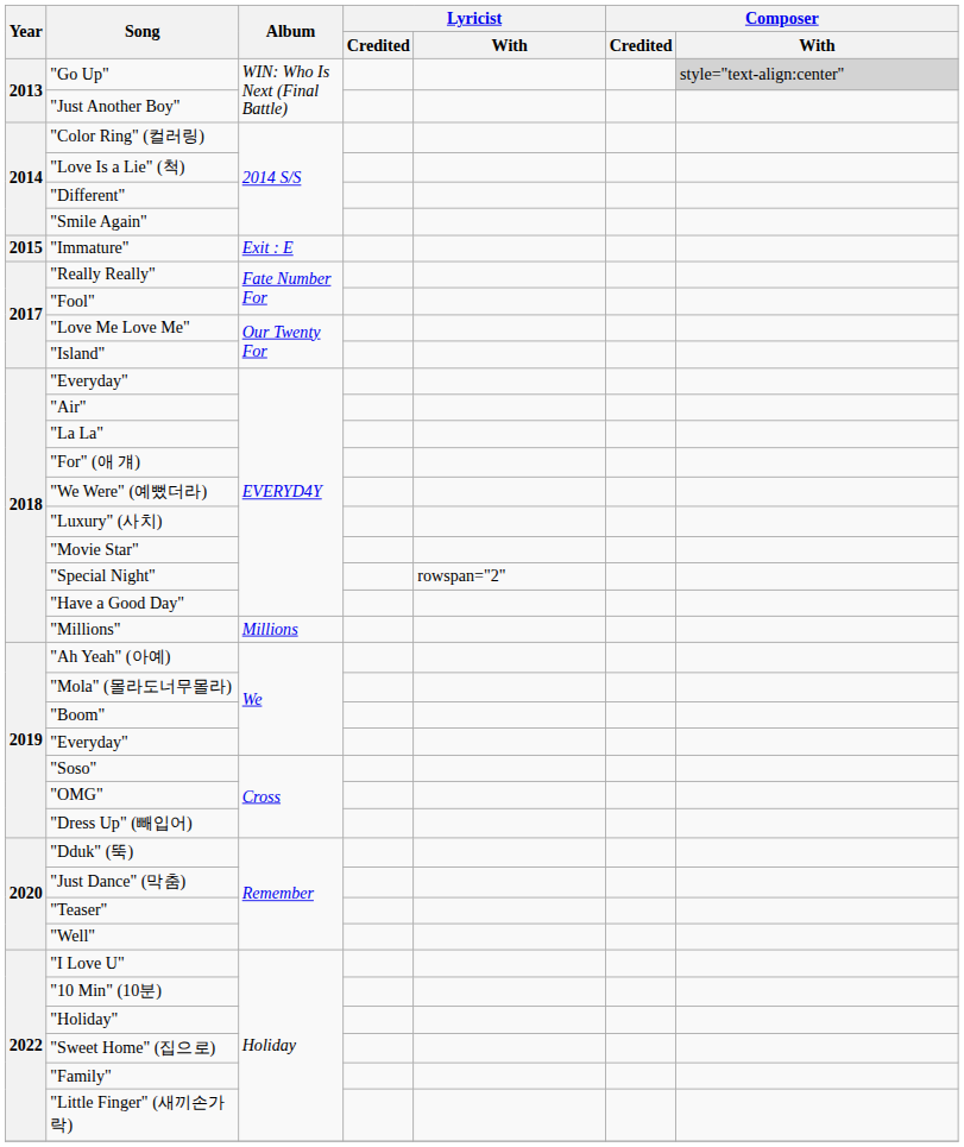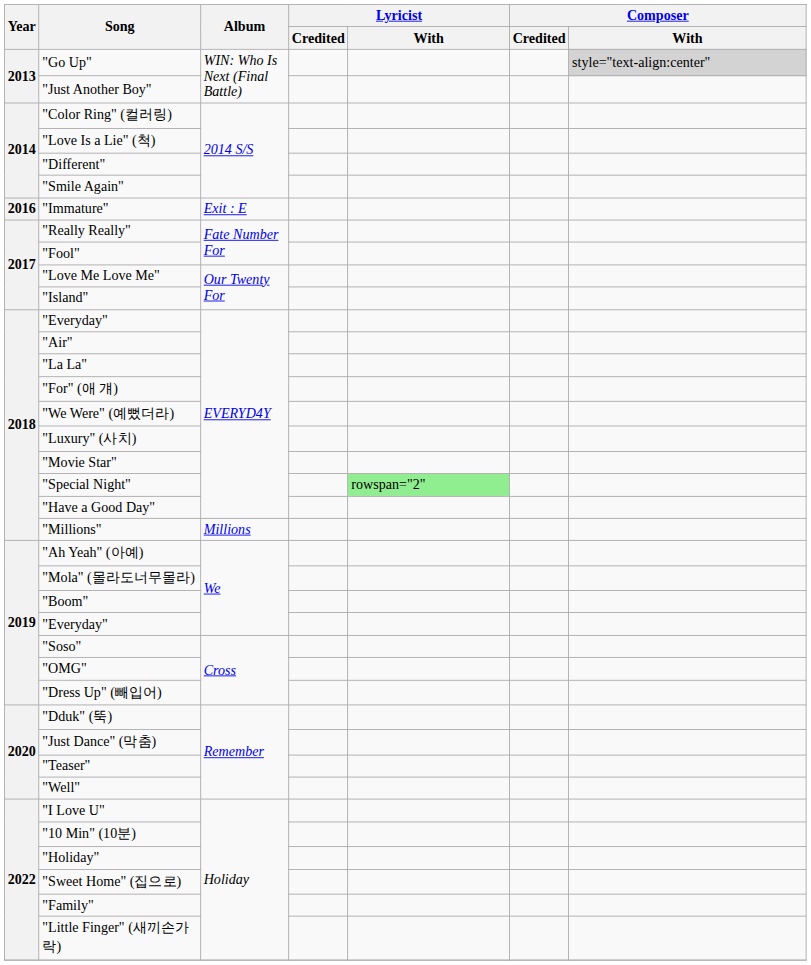 <table class="wikitable sortable plainrowheaders">
 <tr>
 <th rowspan="2" style="width:2em;">Year</th>
 <th rowspan="2" style="width:11em;">Song</th>
 <th rowspan="2" style="width:5.8em;">Album</th>
 <th colspan="2"><a href='#'>Lyricist</a></th>
 <th colspan="2"><a href='#'>Composer</a></th>
 </tr>
 <tr>
 <th>Credited</th>
 <th style="width:11em;">With</th>
 <th>Credited</th>
 <th style="width:16.4em;">With</th>
 </tr>
 <tr>
 <th scope="row" rowspan="2">2013</th>
 <td>"Go Up"</td>
 <td rowspan="2"><em>WIN: Who Is Next (Final Battle)</em></td>
 <td></td>
 <td style="text-align:center"></td>
 <td></td>
 <td style="background: lightgrey;">style="text-align:center" </td>
 </tr>
 <tr>
 <td>"Just Another Boy"</td>
 <td></td>
 <td></td>
 <td></td>
 <td style="text-align:center"></td>
 </tr>
 <tr>
 <th scope="row" rowspan="4">2014</th>
 <td>"Color Ring" (컬러링)</td>
 <td rowspan="4"><em><a href='#'>2014 S/S</a></em></td>
 <td></td>
 <td style="text-align:center"></td>
 <td></td>
 <td style="text-align:center"></td>
 </tr>
 <tr>
 <td>"Love Is a Lie" (척)</td>
 <td></td>
 <td></td>
 <td></td>
 <td style="text-align:center"></td>
 </tr>
 <tr>
 <td>"Different"</td>
 <td></td>
 <td style="text-align:center"></td>
 <td></td>
 <td style="text-align:center"></td>
 </tr>
 <tr>
 <td>"Smile Again"</td>
 <td></td>
 <td style="text-align:center"></td>
 <td></td>
 <td style="text-align:center"></td>
 </tr>
 <tr>
-<th scope="row" rowspan="1">2015</th>
+<th scope="row" rowspan="1">2016</th>
 <td>"Immature"</td>
 <td rowspan="1"><em><a href='#'>Exit : E</a></em></td>
 <td></td>
 <td style="text-align:center"></td>
 <td></td>
 <td style="text-align:center"></td>
 </tr>
 <tr>
 <th scope="row" rowspan="4">2017</th>
 <td>"Really Really"</td>
 <td rowspan="2"><em><a href='#'>Fate Number For</a></em></td>
 <td></td>
 <td style="text-align:center"></td>
 <td></td>
 <td style="text-align:center"></td>
 </tr>
 <tr>
 <td>"Fool"</td>
 <td></td>
 <td></td>
 <td></td>
 <td style="text-align:center"></td>
 </tr>
 <tr>
 <td>"Love Me Love Me"</td>
 <td rowspan="2"><em><a href='#'>Our Twenty For</a></em></td>
 <td></td>
 <td style="text-align:center"></td>
 <td></td>
 <td style="text-align:center"></td>
 </tr>
 <tr>
 <td>"Island"</td>
 <td></td>
 <td style="text-align:center"></td>
 <td></td>
 <td style="text-align:center"></td>
 </tr>
 <tr>
 <th scope="row" rowspan="10">2018</th>
 <td>"Everyday"</td>
 <td rowspan="9"><em><a href='#'>EVERYD4Y</a></em></td>
 <td></td>
 <td style="text-align:center"></td>
 <td></td>
 <td style="text-align:center"></td>
 </tr>
 <tr>
 <td>"Air"</td>
 <td></td>
 <td style="text-align:center"></td>
 <td></td>
 <td style="text-align:center"></td>
 </tr>
 <tr>
 <td>"La La"</td>
 <td></td>
 <td style="text-align:center"></td>
 <td></td>
 <td style="text-align:center"></td>
 </tr>
 <tr>
 <td>"For" (애 걔)</td>
 <td></td>
 <td style="text-align:center"></td>
 <td></td>
 <td style="text-align:center"></td>
 </tr>
 <tr>
 <td>"We Were" (예뻤더라)</td>
 <td></td>
 <td></td>
 <td></td>
 <td style="text-align:center"></td>
 </tr>
 <tr>
 <td>"Luxury" (사치)</td>
 <td></td>
 <td style="text-align:center"></td>
 <td></td>
 <td style="text-align:center"></td>
 </tr>
 <tr>
 <td>"Movie Star"</td>
 <td></td>
 <td style="text-align:center"></td>
 <td></td>
 <td style="text-align:center"></td>
 </tr>
 <tr>
 <td>"Special Night"</td>
 <td></td>
-<td>rowspan="2" </td>
+<td style="background: lightgreen;">rowspan="2" </td>
 <td></td>
 <td style="text-align:center"></td>
 </tr>
 <tr>
 <td>"Have a Good Day"</td>
 <td></td>
 <td></td>
 <td style="text-align:center"></td>
 </tr>
 <tr>
 <td>"Millions"</td>
 <td rowspan="1"><em><a href='#'>Millions</a></em></td>
 <td></td>
 <td style="text-align:center"></td>
 <td></td>
 <td style="text-align:center"></td>
 </tr>
 <tr>
 <th scope="row" rowspan="7">2019</th>
 <td>"Ah Yeah" (아예)</td>
 <td rowspan="4"><em><a href='#'>We</a></em></td>
 <td></td>
 <td style="text-align:center"></td>
 <td></td>
 <td style="text-align:center"></td>
 </tr>
 <tr>
 <td>"Mola" (몰라도너무몰라)</td>
 <td></td>
 <td></td>
 <td></td>
 <td style="text-align:center"></td>
 </tr>
 <tr>
 <td>"Boom"</td>
 <td></td>
 <td style="text-align:center"></td>
 <td></td>
 <td style="text-align:center"></td>
 </tr>
 <tr>
 <td>"Everyday" </td>
 <td></td>
 <td style="text-align:center"></td>
 <td></td>
 <td style="text-align:center"></td>
 </tr>
 <tr>
 <td>"Soso"</td>
 <td rowspan="3"><em><a href='#'>Cross</a></em></td>
 <td></td>
 <td style="text-align:center"></td>
 <td></td>
 <td style="text-align:center"></td>
 </tr>
 <tr>
 <td>"OMG"</td>
 <td></td>
 <td style="text-align:center"></td>
 <td></td>
 <td style="text-align:center"></td>
 </tr>
 <tr>
 <td>"Dress Up" (빼입어)</td>
 <td></td>
 <td style="text-align:center"></td>
 <td></td>
 <td></td>
 </tr>
 <tr>
 <th scope="row" rowspan="4">2020</th>
 <td>"Dduk" (뚝)</td>
 <td rowspan="4"><em><a href='#'>Remember</a></em></td>
 <td></td>
 <td></td>
 <td></td>
 <td style="text-align:center"></td>
 </tr>
 <tr>
 <td>"Just Dance" (막춤)</td>
 <td></td>
 <td style="text-align:center"></td>
 <td></td>
 <td style="text-align:center"></td>
 </tr>
 <tr>
 <td>"Teaser"</td>
 <td></td>
 <td style="text-align:center"></td>
 <td></td>
 <td style="text-align:center"></td>
 </tr>
 <tr>
 <td>"Well"</td>
 <td></td>
 <td style="text-align:center"></td>
 <td></td>
 <td style="text-align:center"></td>
 </tr>
 <tr>
 <th scope="row" rowspan="6">2022</th>
 <td>"I Love U"</td>
 <td rowspan="6"><em>Holiday</em></td>
 <td></td>
 <td style="text-align:center"></td>
 <td></td>
 <td style="text-align:center"></td>
 </tr>
 <tr>
 <td>"10 Min" (10분)</td>
 <td></td>
 <td style="text-align:center"></td>
 <td></td>
 <td style="text-align:center"></td>
 </tr>
 <tr>
 <td>"Holiday"</td>
 <td></td>
 <td style="text-align:center"></td>
 <td></td>
 <td style="text-align:center"></td>
 </tr>
 <tr>
 <td>"Sweet Home" (집으로)</td>
 <td></td>
 <td style="text-align:center"></td>
 <td></td>
 <td style="text-align:center"></td>
 </tr>
 <tr>
 <td>"Family"</td>
 <td></td>
 <td style="text-align:center"></td>
 <td></td>
 <td style="text-align:center"></td>
 </tr>
 <tr>
 <td>"Little Finger" (새끼손가락)</td>
 <td></td>
 <td style="text-align:center"></td>
 <td></td>
 <td style="text-align:center"></td>
 </tr>
 <tr>
 </tr>
 </table>
